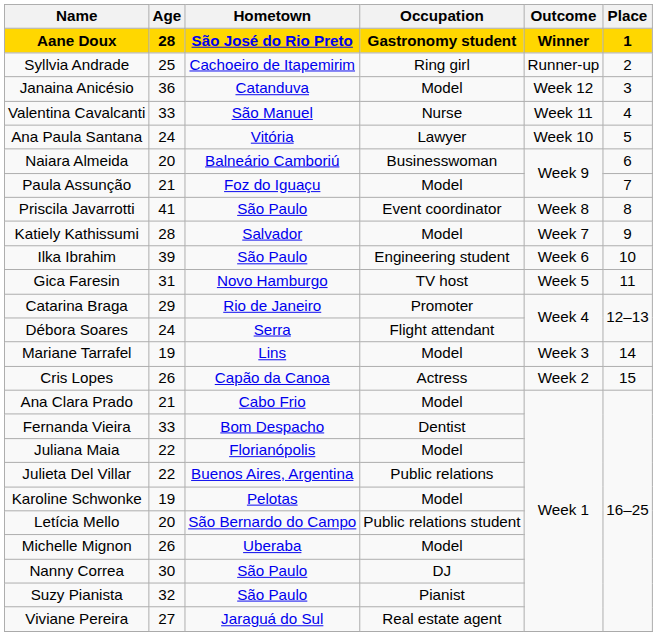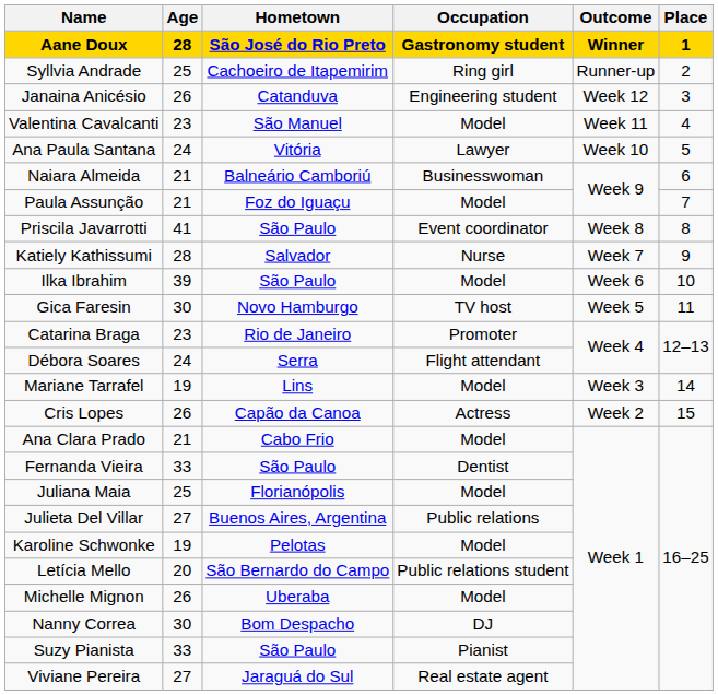 <table class="wikitable sortable" style="text-align:center;">
 <tr>
 <th>Name</th>
 <th>Age</th>
 <th>Hometown</th>
 <th>Occupation</th>
 <th>Outcome</th>
 <th>Place</th>
 </tr>
 <tr bgcolor=FFD700>
 <td><strong>Aane Doux</strong></td>
 <td><strong>28</strong></td>
 <td><strong><a href='#'>São José do Rio Preto</a></strong></td>
 <td><strong>Gastronomy student</strong></td>
 <td><strong>Winner</strong></td>
 <td><strong>1</strong></td>
 </tr>
 <tr>
 <td>Syllvia Andrade</td>
 <td>25</td>
 <td><a href='#'>Cachoeiro de Itapemirim</a></td>
 <td>Ring girl</td>
 <td>Runner-up</td>
 <td>2</td>
 </tr>
 <tr>
 <td>Janaina Anicésio</td>
-<td>36</td>
+<td>26</td>
 <td><a href='#'>Catanduva</a></td>
-<td>Model</td>
+<td>Engineering student</td>
 <td>Week 12</td>
 <td>3</td>
 </tr>
 <tr>
 <td>Valentina Cavalcanti</td>
-<td>33</td>
+<td>23</td>
 <td><a href='#'>São Manuel</a></td>
-<td>Nurse</td>
+<td>Model</td>
 <td>Week 11</td>
 <td>4</td>
 </tr>
 <tr>
 <td>Ana Paula Santana</td>
 <td>24</td>
 <td><a href='#'>Vitória</a></td>
 <td>Lawyer</td>
 <td>Week 10</td>
 <td>5</td>
 </tr>
 <tr>
 <td>Naiara Almeida</td>
-<td>20</td>
+<td>21</td>
 <td><a href='#'>Balneário Camboriú</a></td>
 <td>Businesswoman</td>
 <td rowspan=2>Week 9</td>
 <td>6</td>
 </tr>
 <tr>
 <td>Paula Assunção</td>
 <td>21</td>
 <td><a href='#'>Foz do Iguaçu</a></td>
 <td>Model</td>
 <td>7</td>
 </tr>
 <tr>
 <td>Priscila Javarrotti</td>
 <td>41</td>
 <td><a href='#'>São Paulo</a></td>
 <td>Event coordinator</td>
 <td>Week 8</td>
 <td>8</td>
 </tr>
 <tr>
 <td>Katiely Kathissumi</td>
 <td>28</td>
 <td><a href='#'>Salvador</a></td>
-<td>Model</td>
+<td>Nurse</td>
 <td>Week 7</td>
 <td>9</td>
 </tr>
 <tr>
 <td>Ilka Ibrahim</td>
 <td>39</td>
 <td><a href='#'>São Paulo</a></td>
-<td>Engineering student</td>
+<td>Model</td>
 <td>Week 6</td>
 <td>10</td>
 </tr>
 <tr>
 <td>Gica Faresin</td>
-<td>31</td>
+<td>30</td>
 <td><a href='#'>Novo Hamburgo</a></td>
 <td>TV host</td>
 <td>Week 5</td>
 <td>11</td>
 </tr>
 <tr>
 <td>Catarina Braga</td>
-<td>29</td>
+<td>23</td>
 <td><a href='#'>Rio de Janeiro</a></td>
 <td>Promoter</td>
 <td rowspan=2>Week 4</td>
 <td rowspan=2>12–13</td>
 </tr>
 <tr>
 <td>Débora Soares</td>
 <td>24</td>
 <td><a href='#'>Serra</a></td>
 <td>Flight attendant</td>
 </tr>
 <tr>
 <td>Mariane Tarrafel</td>
 <td>19</td>
 <td><a href='#'>Lins</a></td>
 <td>Model</td>
 <td>Week 3</td>
 <td>14</td>
 </tr>
 <tr>
 <td>Cris Lopes</td>
 <td>26</td>
 <td><a href='#'>Capão da Canoa</a></td>
 <td>Actress</td>
 <td>Week 2</td>
 <td>15</td>
 </tr>
 <tr>
 <td>Ana Clara Prado</td>
 <td>21</td>
 <td><a href='#'>Cabo Frio</a></td>
 <td>Model</td>
 <td rowspan=10>Week 1</td>
 <td rowspan=10>16–25</td>
 </tr>
 <tr>
 <td>Fernanda Vieira</td>
 <td>33</td>
-<td><a href='#'>Bom Despacho</a></td>
+<td><a href='#'>São Paulo</a></td>
 <td>Dentist</td>
 </tr>
 <tr>
 <td>Juliana Maia</td>
-<td>22</td>
+<td>25</td>
 <td><a href='#'>Florianópolis</a></td>
 <td>Model</td>
 </tr>
 <tr>
 <td>Julieta Del Villar</td>
-<td>22</td>
+<td>27</td>
 <td><a href='#'>Buenos Aires, Argentina</a></td>
 <td>Public relations</td>
 </tr>
 <tr>
 <td>Karoline Schwonke</td>
 <td>19</td>
 <td><a href='#'>Pelotas</a></td>
 <td>Model</td>
 </tr>
 <tr>
 <td>Letícia Mello</td>
 <td>20</td>
 <td><a href='#'>São Bernardo do Campo</a></td>
 <td>Public relations student</td>
 </tr>
 <tr>
 <td>Michelle Mignon</td>
 <td>26</td>
 <td><a href='#'>Uberaba</a></td>
 <td>Model</td>
 </tr>
 <tr>
 <td>Nanny Correa</td>
 <td>30</td>
-<td><a href='#'>São Paulo</a></td>
+<td><a href='#'>Bom Despacho</a></td>
 <td>DJ</td>
 </tr>
 <tr>
 <td>Suzy Pianista</td>
-<td>32</td>
+<td>33</td>
 <td><a href='#'>São Paulo</a></td>
 <td>Pianist</td>
 </tr>
 <tr>
 <td>Viviane Pereira</td>
 <td>27</td>
 <td><a href='#'>Jaraguá do Sul</a></td>
 <td>Real estate agent</td>
 </tr>
 <tr>
 </tr>
 </table>
